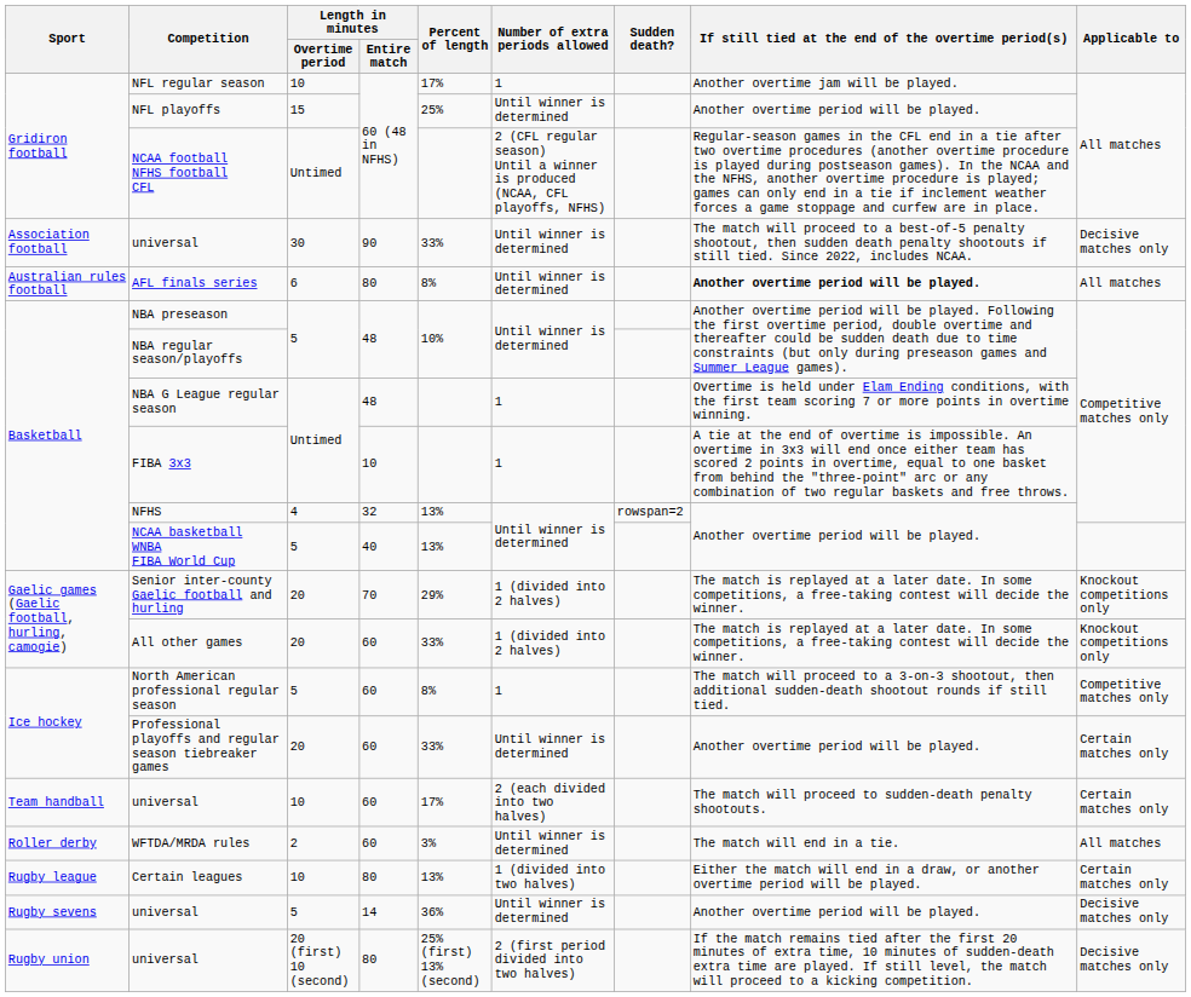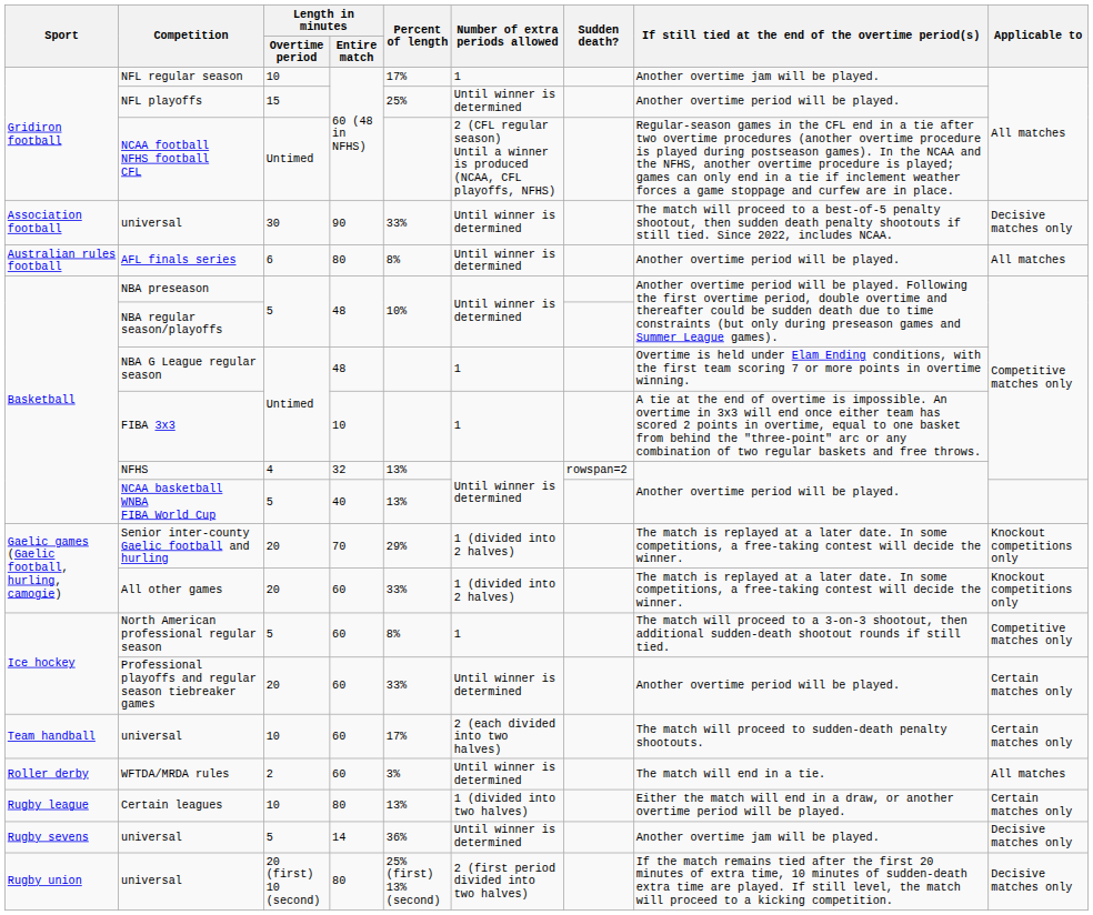 <table class=wikitable>
 <tr>
 <th rowspan=2>Sport</th>
 <th rowspan=2>Competition</th>
 <th colspan=2>Length in minutes</th>
 <th rowspan=2>Percent of length</th>
 <th rowspan=2>Number of extra periods allowed</th>
 <th rowspan=2>Sudden death?</th>
 <th rowspan=2>If still tied at the end of the overtime period(s)</th>
 <th rowspan=2>Applicable to</th>
 </tr>
 <tr>
 <th>Overtime period</th>
 <th>Entire match</th>
 </tr>
 <tr>
 <td rowspan=3><a href='#'>Gridiron football</a></td>
 <td>NFL regular season</td>
 <td>10</td>
 <td rowspan=3>60 (48 in NFHS)</td>
 <td>17%</td>
 <td>1</td>
 <td></td>
 <td>Another overtime jam will be played.</td>
 <td rowspan=3>All matches</td>
 </tr>
 <tr>
 <td>NFL playoffs</td>
 <td>15</td>
 <td>25%</td>
 <td>Until winner is determined</td>
 <td></td>
 <td>Another overtime period will be played.</td>
 </tr>
 <tr>
 <td><a href='#'>NCAA football</a> <br> <a href='#'>NFHS football</a> <br> <a href='#'>CFL</a></td>
 <td>Untimed</td>
 <td></td>
 <td>2 (CFL regular season) <br> Until a winner is produced (NCAA, CFL playoffs, NFHS)</td>
 <td></td>
 <td>Regular-season games in the CFL end in a tie after two overtime procedures (another overtime procedure is played during postseason games). In the NCAA and the NFHS, another overtime procedure is played; games can only end in a tie if inclement weather forces a game stoppage and curfew are in place.</td>
 </tr>
 <tr>
 <td><a href='#'>Association football</a></td>
 <td>universal</td>
 <td>30</td>
 <td>90</td>
 <td>33%</td>
 <td>Until winner is determined</td>
 <td></td>
 <td>The match will proceed to a best-of-5 penalty shootout, then sudden death penalty shootouts if still tied. Since 2022, includes NCAA.</td>
 <td>Decisive matches only</td>
 </tr>
 <tr>
 <td><a href='#'>Australian rules football</a></td>
 <td><a href='#'>AFL finals series</a></td>
 <td>6</td>
 <td>80</td>
 <td>8%</td>
 <td>Until winner is determined</td>
 <td></td>
-<td><strong>Another overtime period will be played.</strong></td>
+<td>Another overtime period will be played.</td>
 <td>All matches</td>
 </tr>
 <tr>
 <td rowspan=6><a href='#'>Basketball</a></td>
 <td>NBA preseason</td>
 <td rowspan=2>5</td>
 <td rowspan=2>48</td>
 <td rowspan=2>10%</td>
 <td rowspan=2>Until winner is determined</td>
 <td></td>
 <td rowspan=2>Another overtime period will be played. Following the first overtime period, double overtime and thereafter could be sudden death due to time constraints (but only during preseason games and <a href='#'>Summer League</a> games).</td>
 <td rowspan=5>Competitive matches only</td>
 </tr>
 <tr>
 <td>NBA regular season/playoffs</td>
 <td></td>
 </tr>
 <tr>
 <td>NBA G League regular season</td>
 <td rowspan=2>Untimed</td>
 <td>48</td>
 <td></td>
 <td>1</td>
 <td></td>
 <td>Overtime is held under <a href='#'>Elam Ending</a> conditions, with the first team scoring 7 or more points in overtime winning.</td>
 </tr>
 <tr>
 <td>FIBA <a href='#'>3x3</a></td>
 <td>10</td>
 <td></td>
 <td>1</td>
 <td></td>
 <td>A tie at the end of overtime is impossible. An overtime in 3x3 will end once either team has scored 2 points in overtime, equal to one basket from behind the "three-point" arc or any combination of two regular baskets and free throws.</td>
 </tr>
 <tr>
 <td>NFHS</td>
 <td>4</td>
 <td>32</td>
 <td>13%</td>
 <td rowspan=2>Until winner is determined</td>
 <td>rowspan=2 </td>
 <td rowspan=2>Another overtime period will be played.</td>
 </tr>
 <tr>
 <td><a href='#'>NCAA basketball</a> <br> <a href='#'>WNBA</a> <br> <a href='#'>FIBA World Cup</a></td>
 <td>5</td>
 <td>40</td>
 <td>13%</td>
 </tr>
 <tr>
 <td rowspan=2><a href='#'>Gaelic games</a> (<a href='#'>Gaelic football</a>, <a href='#'>hurling</a>, <a href='#'>camogie</a>)</td>
 <td>Senior inter-county <a href='#'>Gaelic football</a> and <a href='#'>hurling</a></td>
 <td>20</td>
 <td>70</td>
 <td>29%</td>
 <td>1 (divided into 2 halves)</td>
 <td></td>
 <td>The match is replayed at a later date. In some competitions, a free-taking contest will decide the winner.</td>
 <td>Knockout competitions only</td>
 </tr>
 <tr>
 <td>All other games</td>
 <td>20</td>
 <td>60</td>
 <td>33%</td>
 <td>1 (divided into 2 halves)</td>
 <td></td>
 <td>The match is replayed at a later date. In some competitions, a free-taking contest will decide the winner.</td>
 <td>Knockout competitions only</td>
 </tr>
 <tr>
 <td rowspan=2><a href='#'>Ice hockey</a></td>
 <td>North American professional regular season</td>
 <td>5</td>
 <td>60</td>
 <td>8%</td>
 <td>1</td>
 <td></td>
 <td>The match will proceed to a 3-on-3 shootout, then additional sudden-death shootout rounds if still tied.</td>
 <td>Competitive matches only</td>
 </tr>
 <tr>
 <td>Professional playoffs and regular season tiebreaker games</td>
 <td>20</td>
 <td>60</td>
 <td>33%</td>
 <td>Until winner is determined</td>
 <td></td>
 <td>Another overtime period will be played.</td>
 <td>Certain matches only</td>
 </tr>
 <tr>
 <td><a href='#'>Team handball</a></td>
 <td>universal</td>
 <td>10</td>
 <td>60</td>
 <td>17%</td>
 <td>2 (each divided into two halves)</td>
 <td></td>
 <td>The match will proceed to sudden-death penalty shootouts.</td>
 <td>Certain matches only</td>
 </tr>
 <tr>
 <td><a href='#'>Roller derby</a></td>
 <td>WFTDA/MRDA rules</td>
 <td>2</td>
 <td>60</td>
 <td>3%</td>
 <td>Until winner is determined</td>
 <td></td>
 <td>The match will end in a tie.</td>
 <td>All matches</td>
 </tr>
 <tr>
 <td><a href='#'>Rugby league</a></td>
 <td>Certain leagues</td>
 <td>10</td>
 <td>80</td>
 <td>13%</td>
 <td>1 (divided into two halves)</td>
 <td></td>
 <td>Either the match will end in a draw, or another overtime period will be played.</td>
 <td>Certain matches only</td>
 </tr>
 <tr>
 <td><a href='#'>Rugby sevens</a></td>
 <td>universal</td>
 <td>5</td>
 <td>14</td>
 <td>36%</td>
 <td>Until winner is determined</td>
 <td></td>
-<td>Another overtime period will be played.</td>
+<td>Another overtime jam will be played.</td>
 <td>Decisive matches only</td>
 </tr>
 <tr>
 <td><a href='#'>Rugby union</a></td>
 <td>universal</td>
 <td>20 (first)<br>10 (second)</td>
 <td>80</td>
 <td>25% (first)<br>13% (second)</td>
 <td>2 (first period divided into two halves)</td>
 <td></td>
 <td>If the match remains tied after the first 20 minutes of extra time, 10 minutes of sudden-death extra time are played. If still level, the match will proceed to a kicking competition.</td>
 <td>Decisive matches only</td>
 </tr>
 </table>
